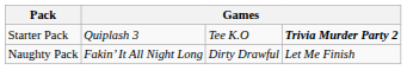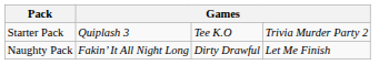 <table class="wikitable">
 <tr>
 <th>Pack</th>
 <th colspan = 3>Games</th>
 </tr>
 <tr>
 <td>Starter Pack</td>
 <td><em>Quiplash 3</em></td>
 <td><em>Tee K.O</em></td>
-<td><strong><em>Trivia Murder Party 2</em></strong></td>
+<td><em>Trivia Murder Party 2</em></td>
 </tr>
 <tr>
 <td>Naughty Pack</td>
 <td><em>Fakin’ It All Night Long</em></td>
 <td><em>Dirty Drawful</em></td>
 <td><em>Let Me Finish</em></td>
 </tr>
 </table>
